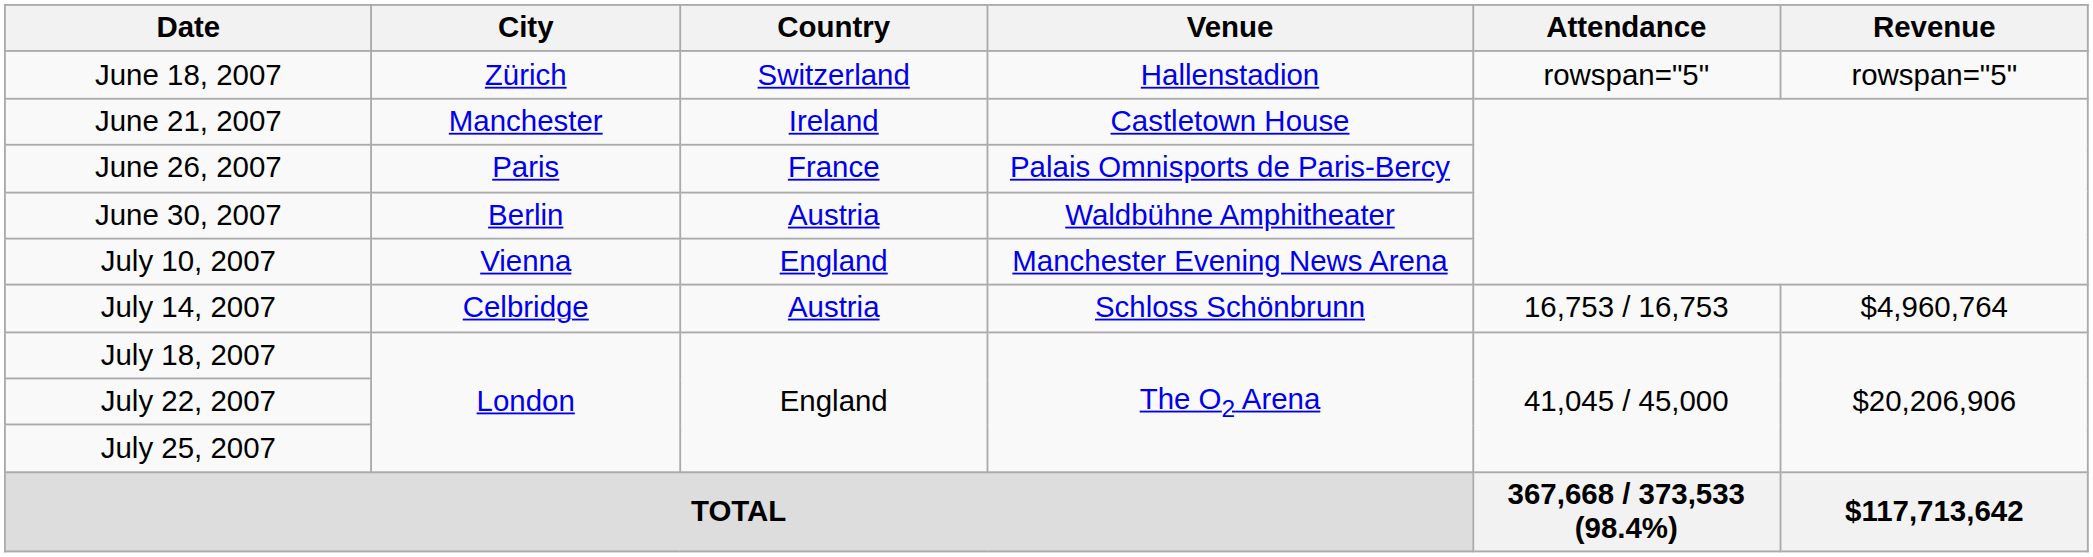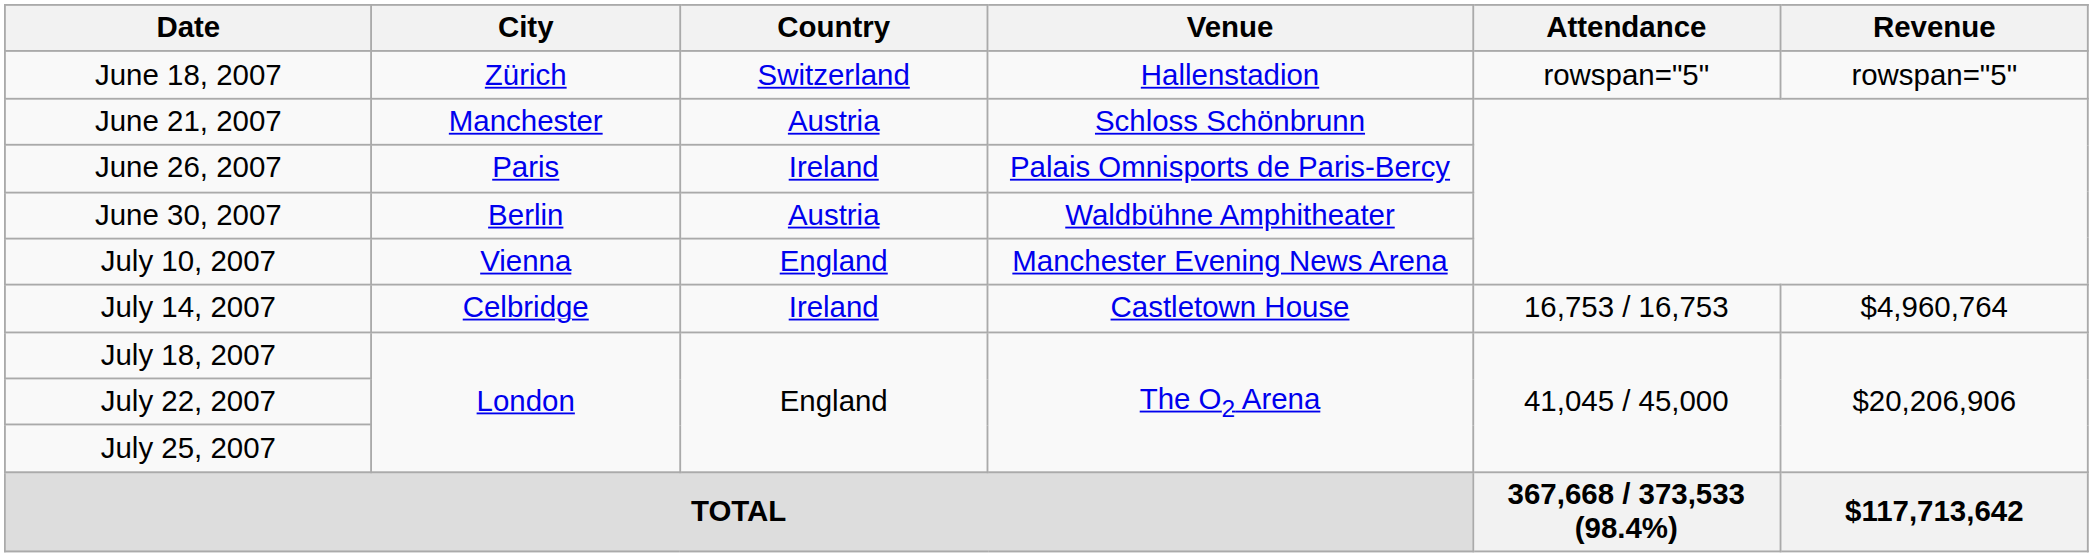 <table class="wikitable" style="text-align:center;">
 <tr>
 <th scope="col" style="width:12em;">Date</th>
 <th scope="col" style="width:10em;">City</th>
 <th scope="col" style="width:10em;">Country</th>
 <th scope="col" style="width:16em;">Venue</th>
 <th scope="col" style="width:10em;">Attendance</th>
 <th scope="col" style="width:10em;">Revenue</th>
 </tr>
 <tr>
 <td>June 18, 2007</td>
 <td><a href='#'>Zürich</a></td>
 <td><a href='#'>Switzerland</a></td>
 <td><a href='#'>Hallenstadion</a></td>
 <td>rowspan="5" </td>
 <td>rowspan="5" </td>
 </tr>
 <tr>
 <td>June 21, 2007</td>
 <td><a href='#'>Manchester</a></td>
-<td><a href='#'>Ireland</a></td>
-<td><a href='#'>Castletown House</a></td>
+<td><a href='#'>Austria</a></td>
+<td><a href='#'>Schloss Schönbrunn</a></td>
 </tr>
 <tr>
 <td>June 26, 2007</td>
 <td><a href='#'>Paris</a></td>
-<td><a href='#'>France</a></td>
+<td><a href='#'>Ireland</a></td>
 <td><a href='#'>Palais Omnisports de Paris-Bercy</a></td>
 </tr>
 <tr>
 <td>June 30, 2007</td>
 <td><a href='#'>Berlin</a></td>
 <td><a href='#'>Austria</a></td>
 <td><a href='#'>Waldbühne Amphitheater</a></td>
 </tr>
 <tr>
 <td>July 10, 2007</td>
 <td><a href='#'>Vienna</a></td>
 <td><a href='#'>England</a></td>
 <td><a href='#'>Manchester Evening News Arena</a></td>
 </tr>
 <tr>
 <td>July 14, 2007</td>
 <td><a href='#'>Celbridge</a></td>
-<td><a href='#'>Austria</a></td>
-<td><a href='#'>Schloss Schönbrunn</a></td>
+<td><a href='#'>Ireland</a></td>
+<td><a href='#'>Castletown House</a></td>
 <td>16,753 / 16,753</td>
 <td>$4,960,764</td>
 </tr>
 <tr>
 <td>July 18, 2007</td>
 <td rowspan="3"><a href='#'>London</a></td>
 <td rowspan="3">England</td>
 <td rowspan="3"><a href='#'>The O<sub>2</sub> Arena</a></td>
 <td rowspan="3">41,045 / 45,000</td>
 <td rowspan="3">$20,206,906</td>
 </tr>
 <tr>
 <td>July 22, 2007</td>
 </tr>
 <tr>
 <td>July 25, 2007</td>
 </tr>
 <tr>
 <td style="background:#ddd;" colspan="4"><strong>TOTAL</strong></td>
 <th>367,668 / 373,533 (98.4%)</th>
 <th>$117,713,642</th>
 </tr>
 </table>
